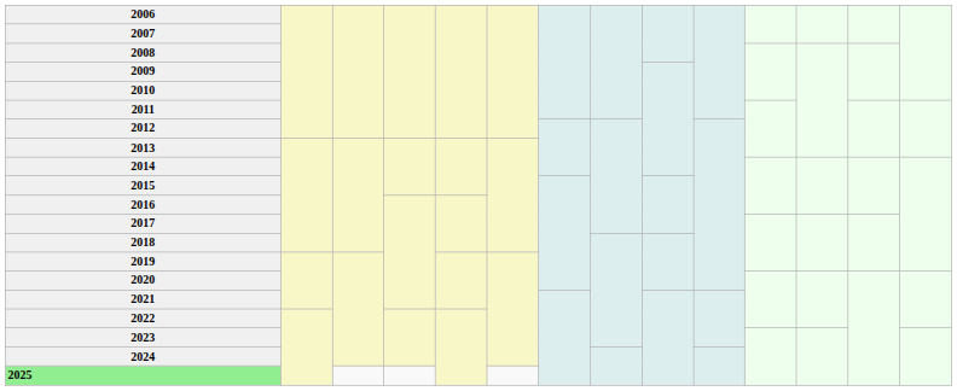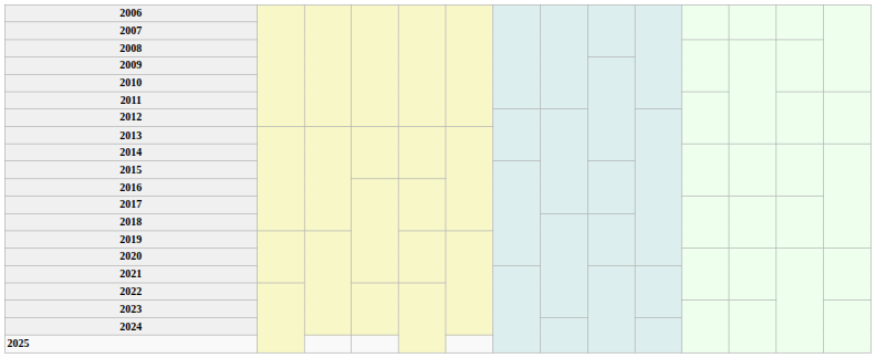 <table class="wikitable" width="100%" border="1" cellpadding="5" cellspacing="0">
 <tr align="center">
 <td style="background: #f0f0f0"><strong>2006</strong></td>
 <td style='background: #f7f7c7; ' valign="middle" rowspan=7></td>
 <td style='background: #f7f7c7; ' valign="middle" rowspan=7></td>
 <td style='background: #f7f7c7; ' valign="middle" rowspan=7></td>
 <td style='background: #f7f7c7; ' valign="middle" rowspan=7></td>
 <td style='background: #f7f7c7; ' valign="middle" rowspan=7></td>
 <td style='background: #ddeeee; ' valign="middle" rowspan=6></td>
 <td style='background: #ddeeee; ' valign="middle" rowspan=6></td>
 <td style='background: #ddeeee; ' valign="middle" rowspan=3></td>
 <td style='background: #ddeeee; ' valign="middle" rowspan=6></td>
 <td style='background: #eeffee; ' valign="middle" rowspan=2></td>
 <td style='background: #eeffee; ' valign="middle" rowspan=2></td>
 <td style='background: #eeffee; ' valign="middle" rowspan=2></td>
 <td style='background: #eeffee; ' valign="middle" rowspan=5></td>
 </tr>
 <tr align="center">
 <td style="background: #f0f0f0"><strong>2007</strong></td>
 </tr>
 <tr align="center">
 <td style="background: #f0f0f0"><strong>2008</strong></td>
 <td style='background: #eeffee; ' valign="middle" rowspan=3></td>
 <td style='background: #eeffee; ' valign="middle" rowspan=6></td>
 <td style='background: #eeffee; ' valign="middle" rowspan=3></td>
 </tr>
 <tr align="center">
 <td style="background: #f0f0f0"><strong>2009</strong></td>
 <td style='background: #ddeeee; ' valign="middle" rowspan=6></td>
 </tr>
 <tr align="center">
 <td style="background: #f0f0f0"><strong>2010</strong></td>
 </tr>
 <tr align="center">
 <td style="background: #f0f0f0"><strong>2011</strong></td>
 <td style='background: #eeffee; ' valign="middle" rowspan=3></td>
 <td style='background: #eeffee; ' valign="middle" rowspan=3></td>
 <td style='background: #eeffee; ' valign="middle" rowspan=3></td>
 </tr>
 <tr align="center">
 <td style="background: #f0f0f0"><strong>2012</strong></td>
 <td style='background: #ddeeee; ' valign="middle" rowspan=3></td>
 <td style='background: #ddeeee; ' valign="middle" rowspan=6></td>
 <td style='background: #ddeeee; ' valign="middle" rowspan=9></td>
 </tr>
 <tr align="center">
 <td style="background: #f0f0f0"><strong>2013</strong></td>
 <td style='background: #f7f7c7; ' valign="middle" rowspan=6></td>
 <td style='background: #f7f7c7; ' valign="middle" rowspan=6></td>
 <td style='background: #f7f7c7; ' valign="middle" rowspan=3></td>
 <td style='background: #f7f7c7; ' valign="middle" rowspan=3></td>
 <td style='background: #f7f7c7; ' valign="middle" rowspan=6></td>
 </tr>
 <tr align="center">
 <td style="background: #f0f0f0"><strong>2014</strong></td>
 <td style='background: #eeffee; ' valign="middle" rowspan=3></td>
 <td style='background: #eeffee; ' valign="middle" rowspan=3></td>
 <td style='background: #eeffee; ' valign="middle" rowspan=3></td>
 <td style='background: #eeffee; ' valign="middle" rowspan=6></td>
 </tr>
 <tr align="center">
 <td style="background: #f0f0f0"><strong>2015</strong></td>
 <td style='background: #ddeeee; ' valign="middle" rowspan=6></td>
 <td style='background: #ddeeee; ' valign="middle" rowspan=3></td>
 </tr>
 <tr align="center">
 <td style="background: #f0f0f0"><strong>2016</strong></td>
 <td style='background: #f7f7c7; ' valign="middle" rowspan=6></td>
 <td style='background: #f7f7c7; ' valign="middle" rowspan=3></td>
 </tr>
 <tr align="center">
 <td style="background: #f0f0f0"><strong>2017</strong></td>
 <td style='background: #eeffee; ' valign="middle" rowspan=3></td>
 <td style='background: #eeffee; ' valign="middle" rowspan=3></td>
 <td style='background: #eeffee; ' valign="middle" rowspan=3></td>
 </tr>
 <tr align="center">
 <td style="background: #f0f0f0"><strong>2018</strong></td>
 <td style='background: #ddeeee; ' valign="middle" rowspan=6></td>
 <td style='background: #ddeeee; ' valign="middle" rowspan=3></td>
 </tr>
 <tr align="center">
 <td style="background: #f0f0f0"><strong>2019</strong></td>
 <td style='background: #f7f7c7; ' valign="middle" rowspan=3></td>
 <td style='background: #f7f7c7; ' valign="middle" rowspan=6></td>
 <td style='background: #f7f7c7; ' valign="middle" rowspan=3></td>
 <td style='background: #f7f7c7; ' valign="middle" rowspan=6></td>
 </tr>
 <tr align="center">
 <td style="background: #f0f0f0"><strong>2020</strong></td>
 <td style='background: #eeffee; ' valign="middle" rowspan=3></td>
 <td style='background: #eeffee; ' valign="middle" rowspan=3></td>
 <td rowspan="6" style="background: #eeffee; " valign="middle"></td>
 <td style='background: #eeffee; ' valign="middle" rowspan=3></td>
 </tr>
 <tr align="center">
 <td style="background: #f0f0f0"><strong>2021</strong></td>
 <td rowspan="5" style="background: #ddeeee; " valign="middle"></td>
 <td rowspan="5" style="background: #ddeeee; " valign="middle"></td>
 <td style='background: #ddeeee; ' valign="middle" rowspan=3></td>
 </tr>
 <tr align="center">
 <td style="background: #f0f0f0"><strong>2022</strong></td>
 <td rowspan="4" style="background: #f7f7c7; " valign="middle"></td>
 <td style='background: #f7f7c7; ' valign="middle" rowspan=3></td>
 <td rowspan="4" style="background: #f7f7c7; " valign="middle"></td>
 </tr>
 <tr align="center">
 <td style="background: #f0f0f0"><strong>2023</strong></td>
 <td rowspan="3" style="background: #eeffee; " valign="middle"></td>
 <td rowspan="3" style="background: #eeffee; " valign="middle"></td>
 <td rowspan="3" style="background: #eeffee; " valign="middle"></td>
 </tr>
 <tr align="center">
 <td style="background: #f0f0f0"><strong>2024</strong></td>
 <td rowspan="2" style="background: #ddeeee; " valign="middle"></td>
 <td rowspan="2" style="background: #ddeeee; " valign="middle"></td>
 </tr>
 <tr>
-<td style="background: lightgreen;"><strong>2025</strong></td>
+<td><strong>2025</strong></td>
 <td></td>
 <td></td>
 <td></td>
 </tr>
 </table>
